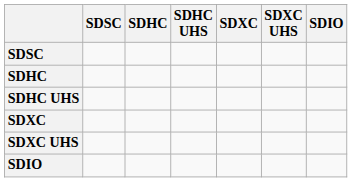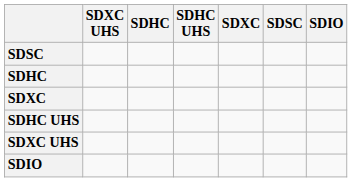 <table class="wikitable">
 <tr>
 <th></th>
-<th scope="col">SDSC</th>
+<th scope="col">SDXC<br>UHS</th>
 <th scope="col">SDHC</th>
 <th scope="col">SDHC<br>UHS</th>
 <th scope="col">SDXC</th>
-<th scope="col">SDXC<br>UHS</th>
+<th scope="col">SDSC</th>
 <th scope="col">SDIO</th>
 </tr>
 <tr>
 <th style="text-align:left;">SDSC</th>
 <td></td>
 <td></td>
 <td></td>
 <td></td>
 <td></td>
 <td></td>
 </tr>
 <tr>
 <th style="text-align:left;">SDHC</th>
 <td></td>
 <td></td>
 <td></td>
 <td></td>
 <td></td>
 <td></td>
 </tr>
 <tr>
-<th style="text-align:left;">SDHC UHS</th>
+<th style="text-align:left;">SDXC</th>
 <td></td>
 <td></td>
 <td></td>
 <td></td>
 <td></td>
 <td></td>
 </tr>
 <tr>
-<th style="text-align:left;">SDXC</th>
+<th style="text-align:left;">SDHC UHS</th>
 <td></td>
 <td></td>
 <td></td>
 <td></td>
 <td></td>
 <td></td>
 </tr>
 <tr>
 <th style="text-align:left;">SDXC UHS</th>
 <td></td>
 <td></td>
 <td></td>
 <td></td>
 <td></td>
 <td></td>
 </tr>
 <tr>
 <th style="text-align:left;">SDIO</th>
 <td></td>
 <td></td>
 <td></td>
 <td></td>
 <td></td>
 <td></td>
 </tr>
 </table>
